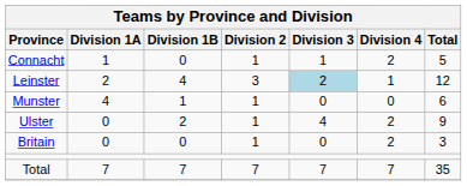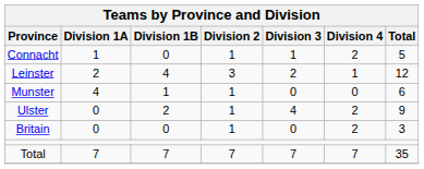 <table class="wikitable" style="text-align:center">
 <tr>
 <th colspan=7><big>Teams by Province and Division</big></th>
 </tr>
 <tr>
 <th>Province</th>
 <th>Division 1A</th>
 <th>Division 1B</th>
 <th>Division 2</th>
 <th>Division 3</th>
 <th>Division 4</th>
 <th>Total</th>
 </tr>
 <tr>
 <td><a href='#'>Connacht</a></td>
 <td>1</td>
 <td>0</td>
 <td>1</td>
 <td>1</td>
 <td>2</td>
 <td>5</td>
 </tr>
 <tr>
 <td><a href='#'>Leinster</a></td>
 <td>2</td>
 <td>4</td>
 <td>3</td>
-<td style="background: lightblue;">2</td>
+<td>2</td>
 <td>1</td>
 <td>12</td>
 </tr>
 <tr>
 <td><a href='#'>Munster</a></td>
 <td>4</td>
 <td>1</td>
 <td>1</td>
 <td>0</td>
 <td>0</td>
 <td>6</td>
 </tr>
 <tr>
 <td><a href='#'>Ulster</a></td>
 <td>0</td>
 <td>2</td>
 <td>1</td>
 <td>4</td>
 <td>2</td>
 <td>9</td>
 </tr>
 <tr>
 <td><a href='#'>Britain</a></td>
 <td>0</td>
 <td>0</td>
 <td>1</td>
 <td>0</td>
 <td>2</td>
 <td>3</td>
 </tr>
 <tr>
 <td colspan=7></td>
 </tr>
 <tr>
 <td>Total</td>
 <td>7</td>
 <td>7</td>
 <td>7</td>
 <td>7</td>
 <td>7</td>
 <td>35</td>
 </tr>
 <tr>
 </tr>
 </table>
